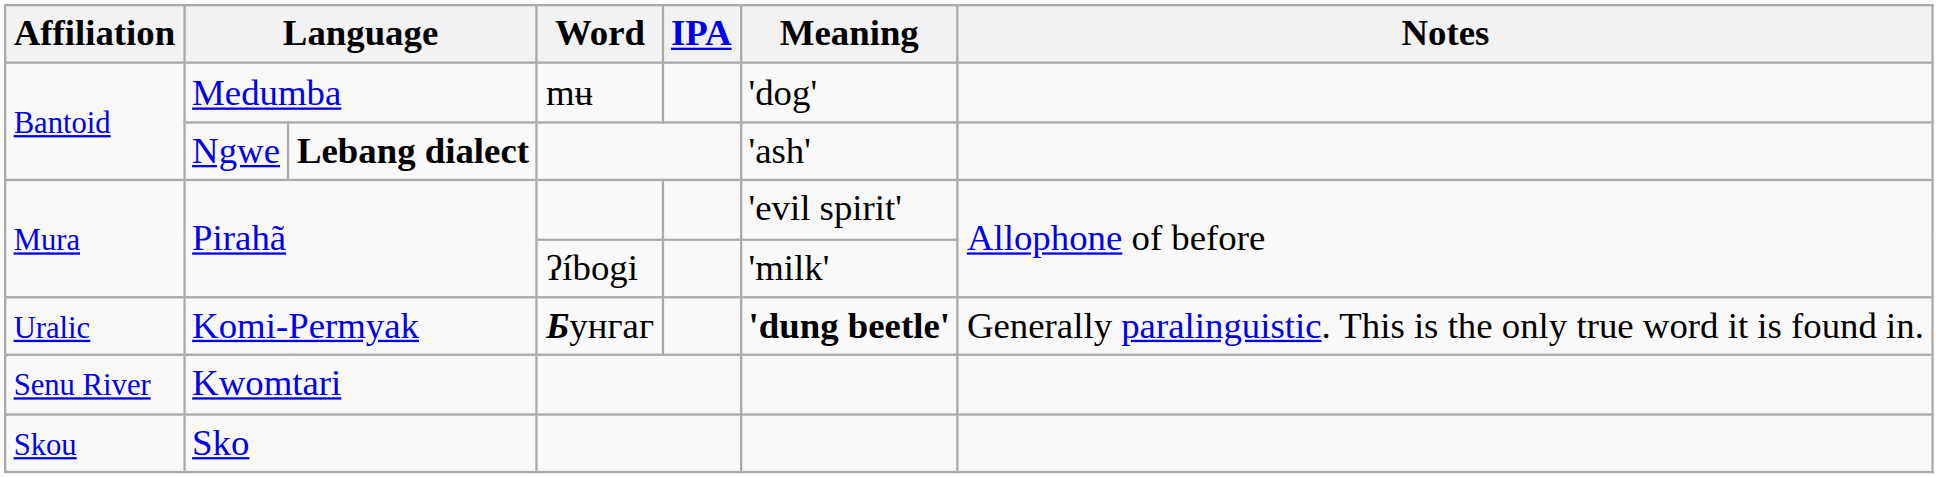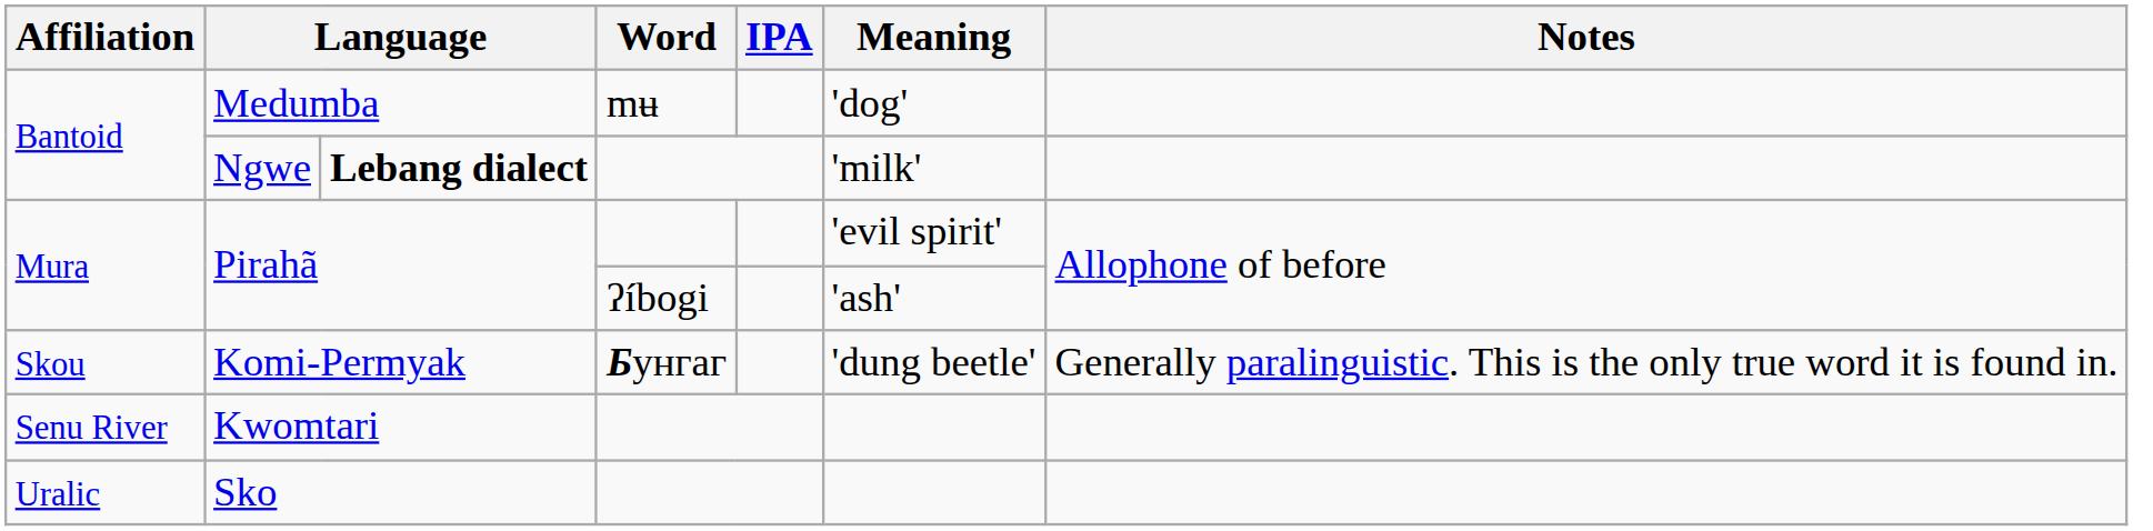 <table class="wikitable">
 <tr>
 <th>Affiliation</th>
 <th colspan=2>Language</th>
 <th>Word</th>
 <th><a href='#'>IPA</a></th>
 <th>Meaning</th>
 <th>Notes</th>
 </tr>
 <tr>
 <td rowspan="2"><a href='#'><small>Bantoid</small></a></td>
 <td colspan="2"><a href='#'>Medumba</a></td>
 <td>m<strong><em></em></strong>ʉ</td>
 <td></td>
 <td>'dog'</td>
 <td></td>
 </tr>
 <tr>
 <td><a href='#'>Ngwe</a></td>
 <td><strong>Lebang dialect</strong></td>
 <td colspan="2"></td>
-<td>'ash'</td>
+<td>'milk'</td>
 <td></td>
 </tr>
 <tr>
 <td rowspan="2"><a href='#'><small>Mura</small></a></td>
 <td colspan="2" rowspan="2"><a href='#'>Pirahã</a></td>
 <td></td>
 <td></td>
 <td>'evil spirit'</td>
 <td rowspan="2"><a href='#'>Allophone</a> of  before </td>
 </tr>
 <tr>
 <td>ʔíbogi</td>
 <td></td>
-<td>'milk'</td>
+<td>'ash'</td>
 </tr>
 <tr>
-<td><a href='#'><small>Uralic</small></a></td>
+<td><small><a href='#'>Skou</a></small></td>
 <td colspan="2"><a href='#'>Komi-Permyak</a></td>
 <td><strong><em>Б</em></strong>унгаг</td>
 <td></td>
-<td><strong>'dung beetle'</strong></td>
+<td>'dung beetle'</td>
 <td>Generally <a href='#'>paralinguistic</a>. This is the only true word it is found in.</td>
 </tr>
 <tr>
 <td><small><a href='#'>Senu River</a></small></td>
 <td colspan="2"><a href='#'>Kwomtari</a></td>
 <td colspan="2"></td>
 <td></td>
 <td></td>
 </tr>
 <tr>
-<td><small><a href='#'>Skou</a></small></td>
+<td><a href='#'><small>Uralic</small></a></td>
 <td colspan="2"><a href='#'>Sko</a></td>
 <td colspan="2"></td>
 <td></td>
 <td></td>
 </tr>
 </table>
